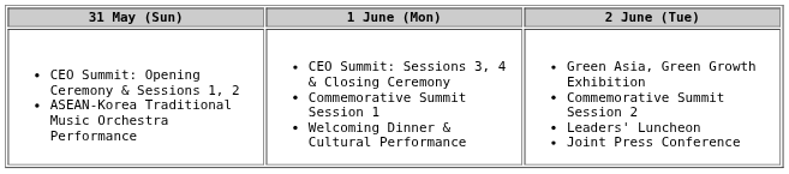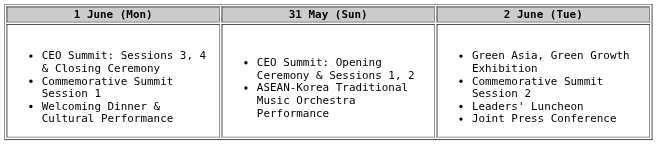 <table border="1" cellpadding="1">
 <tr style="background:#CCCCCC;">
+<th width="250">1 June (Mon)</th>
 <th width="250">31 May (Sun)</th>
-<th width="250">1 June (Mon)</th>
 <th width="250">2 June (Tue)</th>
 </tr>
 <tr>
+<td><br><ul><li>CEO Summit: Sessions 3, 4 & Closing Ceremony</li><li>Commemorative Summit Session 1</li><li>Welcoming Dinner & Cultural Performance</li></ul></td>
 <td><br><ul><li>CEO Summit: Opening Ceremony & Sessions 1, 2</li><li>ASEAN-Korea Traditional Music Orchestra Performance</li></ul></td>
-<td><br><ul><li>CEO Summit: Sessions 3, 4 & Closing Ceremony</li><li>Commemorative Summit Session 1</li><li>Welcoming Dinner & Cultural Performance</li></ul></td>
 <td><br><ul><li>Green Asia, Green Growth Exhibition</li><li>Commemorative Summit Session 2</li><li>Leaders' Luncheon</li><li>Joint Press Conference</li></ul></td>
 </tr>
 </table>
